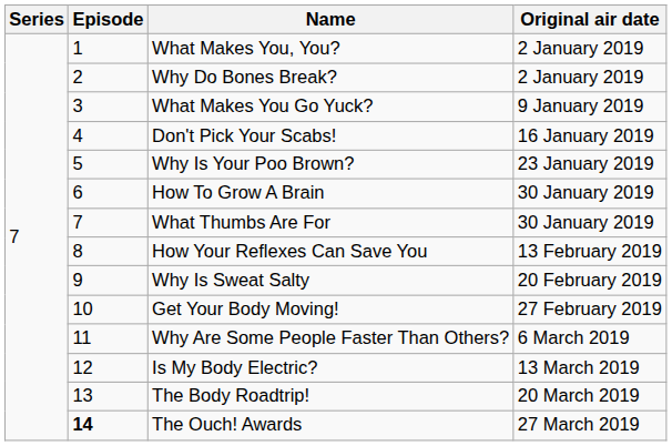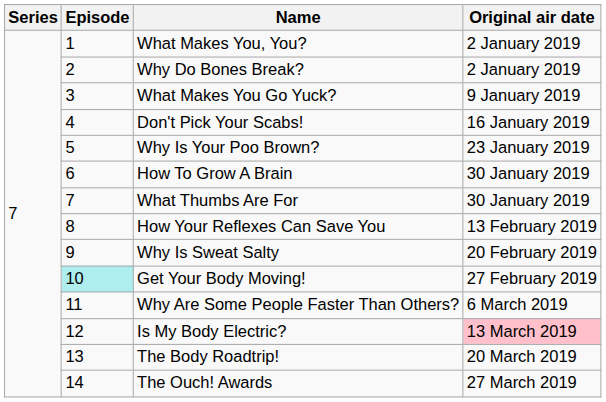 <table class="wikitable">
 <tr>
 <th>Series</th>
 <th>Episode</th>
 <th>Name</th>
 <th>Original air date</th>
 </tr>
 <tr>
 <td rowspan="14">7</td>
 <td>1</td>
 <td>What Makes You, You?</td>
 <td>2 January 2019</td>
 </tr>
 <tr>
 <td>2</td>
 <td>Why Do Bones Break?</td>
 <td>2 January 2019</td>
 </tr>
 <tr>
 <td>3</td>
 <td>What Makes You Go Yuck?</td>
 <td>9 January 2019</td>
 </tr>
 <tr>
 <td>4</td>
 <td>Don't Pick Your Scabs!</td>
 <td>16 January 2019</td>
 </tr>
 <tr>
 <td>5</td>
 <td>Why Is Your Poo Brown?</td>
 <td>23 January 2019</td>
 </tr>
 <tr>
 <td>6</td>
 <td>How To Grow A Brain</td>
 <td>30 January 2019</td>
 </tr>
 <tr>
 <td>7</td>
 <td>What Thumbs Are For</td>
 <td>30 January 2019</td>
 </tr>
 <tr>
 <td>8</td>
 <td>How Your Reflexes Can Save You</td>
 <td>13 February 2019</td>
 </tr>
 <tr>
 <td>9</td>
 <td>Why Is Sweat Salty</td>
 <td>20 February 2019</td>
 </tr>
 <tr>
-<td>10</td>
+<td style="background: paleturquoise;">10</td>
 <td>Get Your Body Moving!</td>
 <td>27 February 2019</td>
 </tr>
 <tr>
 <td>11</td>
 <td>Why Are Some People Faster Than Others?</td>
 <td>6 March 2019</td>
 </tr>
 <tr>
 <td>12</td>
 <td>Is My Body Electric?</td>
-<td>13 March 2019</td>
+<td style="background: pink;">13 March 2019</td>
 </tr>
 <tr>
 <td>13</td>
 <td>The Body Roadtrip!</td>
 <td>20 March 2019</td>
 </tr>
 <tr>
-<td><strong>14</strong></td>
+<td>14</td>
 <td>The Ouch! Awards</td>
 <td>27 March 2019</td>
 </tr>
 </table>
